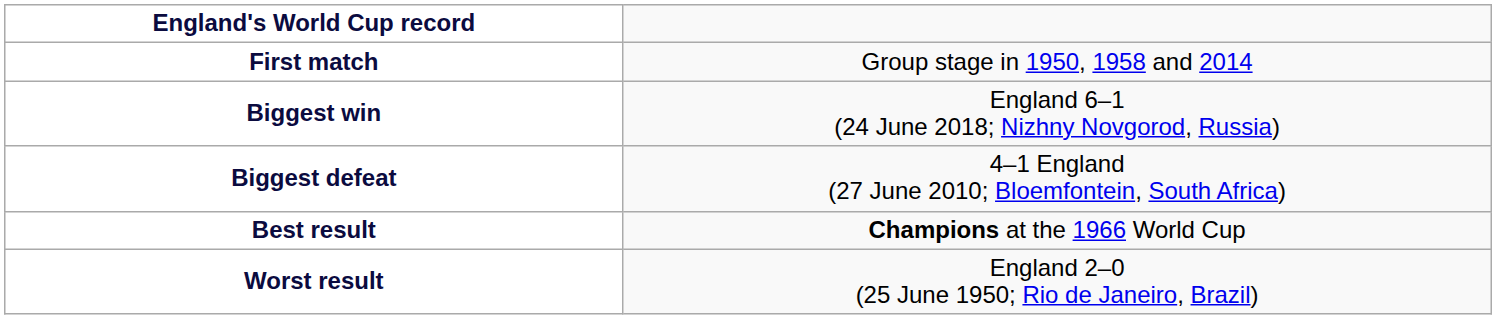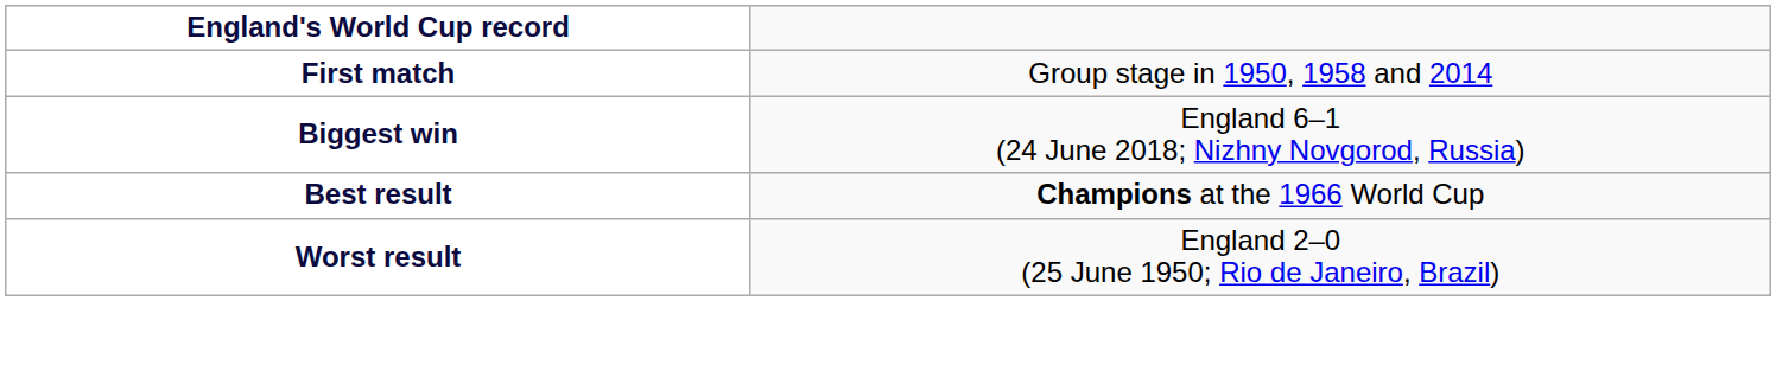 <table class="wikitable collapsible collapsed" style="width:50%;text-align:center">
 <tr>
 <th style="background:white;color:#0B0B3F;"><strong>England's World Cup record</strong></th>
 </tr>
 <tr>
 <th style="background:white;color:#0B0B3F;">First match</th>
 <td>Group stage in <a href='#'>1950</a>, <a href='#'>1958</a> and <a href='#'>2014</a></td>
 </tr>
 <tr>
 <th style="background:white;color:#0B0B3F;">Biggest win</th>
 <td> England 6–1 <br> (24 June 2018; <a href='#'>Nizhny Novgorod</a>, <a href='#'>Russia</a>)</td>
 </tr>
 <tr>
-<th style="background:white;color:#0B0B3F;">Biggest defeat</th>
-<td> 4–1 England <br> (27 June 2010; <a href='#'>Bloemfontein</a>, <a href='#'>South Africa</a>)</td>
-</tr>
-<tr>
 <th style="background:white;color:#0B0B3F;">Best result</th>
 <td><strong>Champions</strong> at the <a href='#'>1966</a> World Cup</td>
 </tr>
 <tr>
 <th style="background:white;color:#0B0B3F;">Worst result</th>
 <td> England 2–0 <br> (25 June 1950; <a href='#'>Rio de Janeiro</a>, <a href='#'>Brazil</a>)</td>
 </tr>
 </table>
